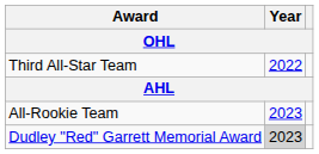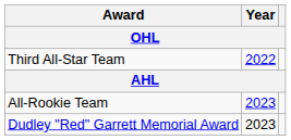 <table class="wikitable">
 <tr>
 <th>Award</th>
 <th>Year</th>
 <th></th>
 </tr>
 <tr>
 <th colspan="3"><a href='#'>OHL</a></th>
 </tr>
 <tr>
 <td>Third All-Star Team</td>
 <td><a href='#'>2022</a></td>
 <td></td>
 </tr>
 <tr>
 <th colspan="3"><a href='#'>AHL</a></th>
 </tr>
 <tr>
 <td>All-Rookie Team</td>
 <td><a href='#'>2023</a></td>
 <td></td>
 </tr>
 <tr>
 <td><a href='#'>Dudley "Red" Garrett Memorial Award</a></td>
-<td style="background: lightgrey;">2023</td>
+<td>2023</td>
 <td></td>
 </tr>
 </table>
